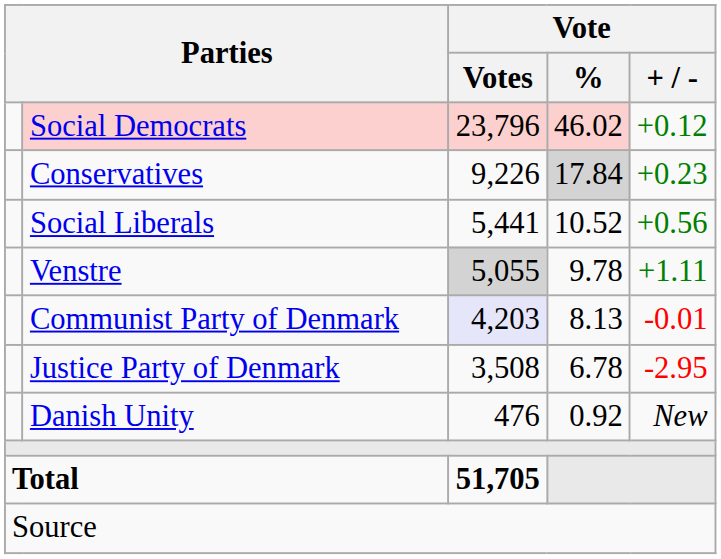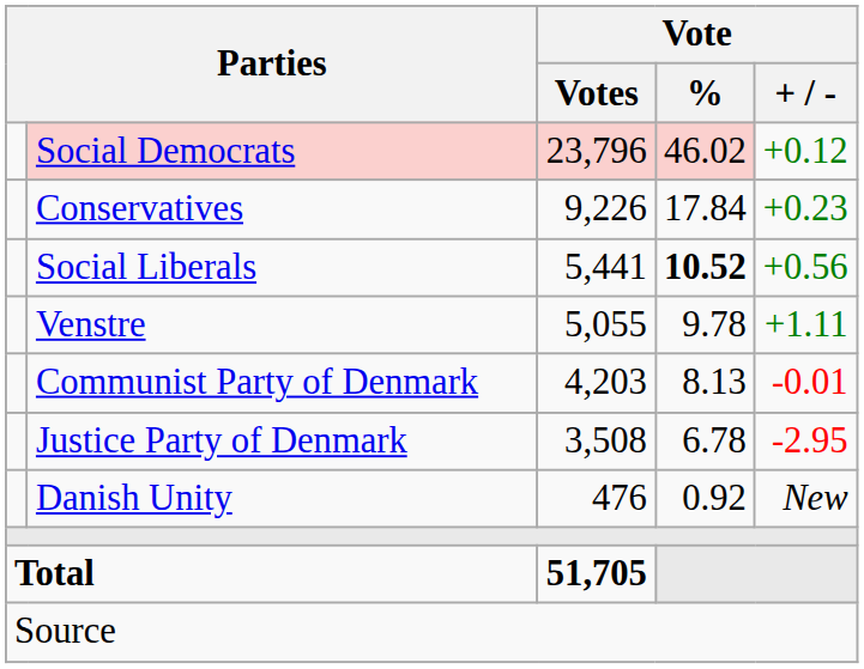 <table class="wikitable" style="text-align:right;">
 <tr>
 <th style="text-align:centre;" rowspan="2" colspan="2" width="225">Parties</th>
 <th colspan="3">Vote</th>
 </tr>
 <tr>
 <th width="15">Votes</th>
 <th width="15">%</th>
 <th width="15">+ / -</th>
 </tr>
 <tr>
 <td width="2" style="color:inherit;background:"></td>
 <td bgcolor=#fbd0ce  align="left"><a href='#'>Social Democrats</a></td>
 <td bgcolor=#fbd0ce>23,796</td>
 <td bgcolor=#fbd0ce>46.02</td>
 <td style=color:green;>+0.12</td>
 </tr>
 <tr>
 <td width="2" style="color:inherit;background:"></td>
 <td align="left"><a href='#'>Conservatives</a></td>
 <td>9,226</td>
-<td style="background: lightgrey;">17.84</td>
+<td>17.84</td>
 <td style=color:green;>+0.23</td>
 </tr>
 <tr>
 <td width="2" style="color:inherit;background:"></td>
 <td align="left"><a href='#'>Social Liberals</a></td>
 <td>5,441</td>
-<td>10.52</td>
+<td><strong>10.52</strong></td>
 <td style=color:green;>+0.56</td>
 </tr>
 <tr>
 <td width="2" style="color:inherit;background:"></td>
 <td align="left"><a href='#'>Venstre</a></td>
-<td style="background: lightgrey;">5,055</td>
+<td>5,055</td>
 <td>9.78</td>
 <td style=color:green;>+1.11</td>
 </tr>
 <tr>
 <td width="2" style="color:inherit;background:"></td>
 <td align="left"><a href='#'>Communist Party of Denmark</a></td>
-<td style="background: lavender;">4,203</td>
+<td>4,203</td>
 <td>8.13</td>
 <td style=color:red;>-0.01</td>
 </tr>
 <tr>
 <td width="2" style="color:inherit;background:"></td>
 <td align="left"><a href='#'>Justice Party of Denmark</a></td>
 <td>3,508</td>
 <td>6.78</td>
 <td style=color:red;>-2.95</td>
 </tr>
 <tr>
 <td width="2" style="color:inherit;background:"></td>
 <td align="left"><a href='#'>Danish Unity</a></td>
 <td>476</td>
 <td>0.92</td>
 <td><em>New</em></td>
 </tr>
 <tr>
 <td colspan="7" bgcolor="#E9E9E9"></td>
 </tr>
 <tr>
 <td align="left" colspan="2"><strong>Total</strong></td>
 <td><strong>51,705</strong></td>
 <td bgcolor="#E9E9E9" colspan="2"></td>
 </tr>
 <tr>
 <td align="left" colspan="6">Source</td>
 </tr>
 </table>
